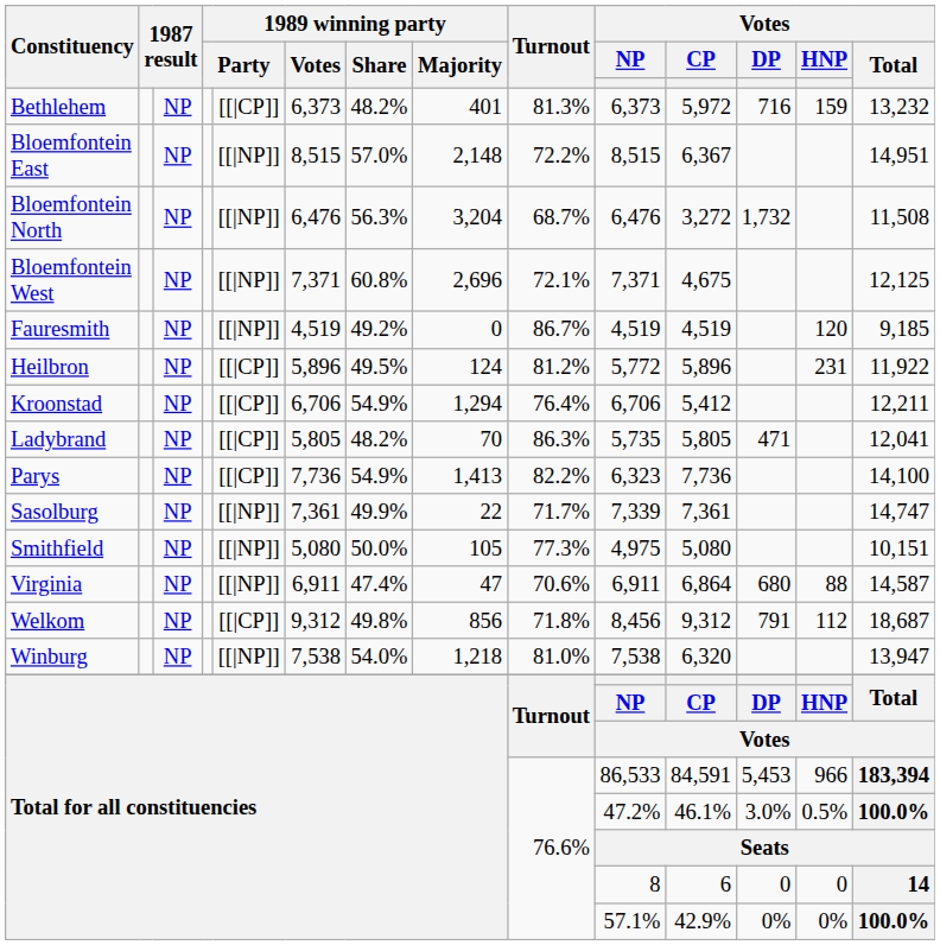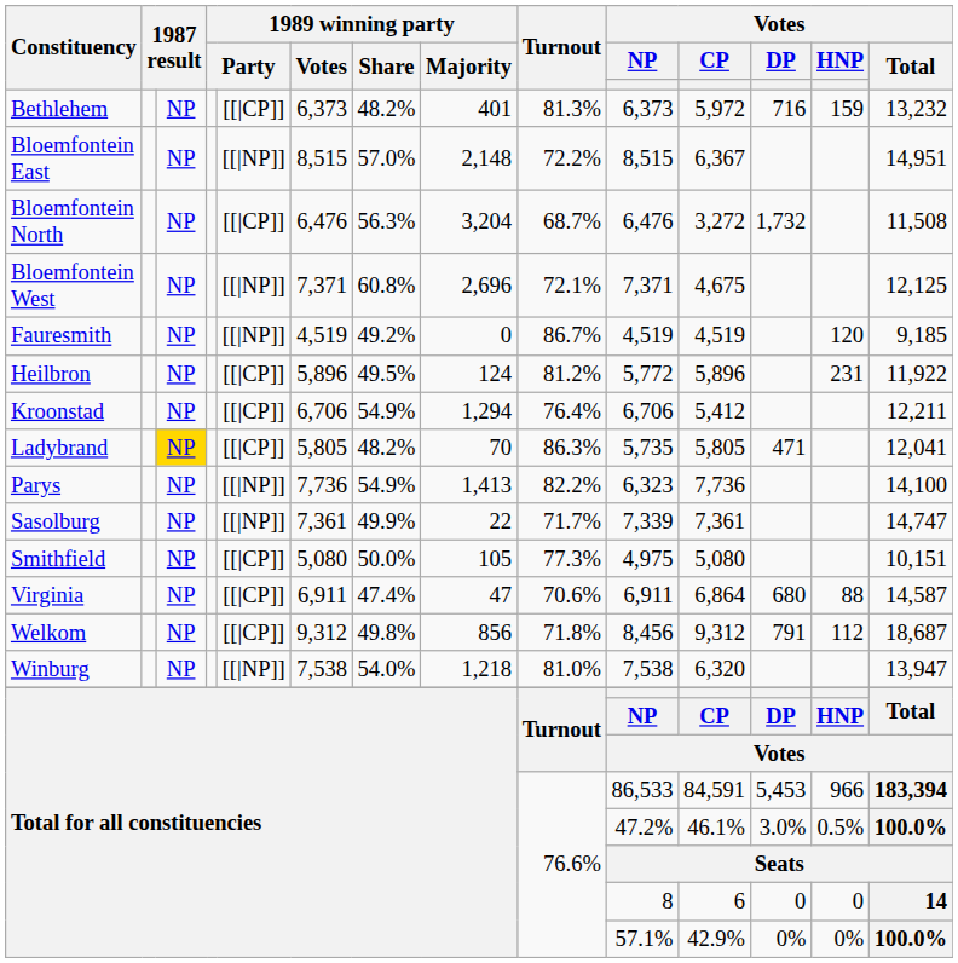 <table class="wikitable sortable" style="text-align:right; font-size:95%">
 <tr>
 <th rowspan="3" scope="col" style="text-align:left;">Constituency</th>
 <th colspan="2" rowspan="3" scope="col">1987<br>result</th>
 <th colspan="5">1989 winning party</th>
 <th rowspan="3" scope="col">Turnout</th>
 <th colspan="5" scope="col">Votes</th>
 </tr>
 <tr>
 <th colspan="2" rowspan="2">Party</th>
 <th rowspan="2" scope="col">Votes</th>
 <th rowspan="2" scope="col">Share</th>
 <th rowspan="2" scope="col">Majority</th>
 <th scope="col"><a href='#'>NP</a></th>
 <th scope="col"><a href='#'>CP</a></th>
 <th scope="col"><a href='#'>DP</a></th>
 <th scope="col"><a href='#'>HNP</a></th>
 <th rowspan="2" scope="col">Total</th>
 </tr>
 <tr>
 <th scope="col" style="background:"></th>
 <th scope="col" style="background:"></th>
 <th scope="col" style="background:"></th>
 <th scope="col" style="background:"></th>
 </tr>
 <tr>
 <td style="text-align:left;"><a href='#'>Bethlehem</a></td>
 <td style="background:"></td>
 <td style="text-align:center;"><a href='#'>NP</a></td>
 <td style="background:"></td>
 <td style="text-align:center;">[[|CP]]</td>
 <td>6,373</td>
 <td>48.2%</td>
 <td>401</td>
 <td>81.3%</td>
 <td>6,373</td>
 <td>5,972</td>
 <td>716</td>
 <td>159</td>
 <td>13,232</td>
 </tr>
 <tr>
 <td style="text-align:left;"><a href='#'>Bloemfontein East</a></td>
 <td style="background:"></td>
 <td style="text-align:center;"><a href='#'>NP</a></td>
 <td style="background:"></td>
 <td style="text-align:center;">[[|NP]]</td>
 <td>8,515</td>
 <td>57.0%</td>
 <td>2,148</td>
 <td>72.2%</td>
 <td>8,515</td>
 <td>6,367</td>
 <td></td>
 <td></td>
 <td>14,951</td>
 </tr>
 <tr>
 <td style="text-align:left;"><a href='#'>Bloemfontein North</a></td>
 <td style="background:"></td>
 <td style="text-align:center;"><a href='#'>NP</a></td>
 <td style="background:"></td>
-<td style="text-align:center;">[[|NP]]</td>
+<td style="text-align:center;">[[|CP]]</td>
 <td>6,476</td>
 <td>56.3%</td>
 <td>3,204</td>
 <td>68.7%</td>
 <td>6,476</td>
 <td>3,272</td>
 <td>1,732</td>
 <td></td>
 <td>11,508</td>
 </tr>
 <tr>
 <td style="text-align:left;"><a href='#'>Bloemfontein West</a></td>
 <td style="background:"></td>
 <td style="text-align:center;"><a href='#'>NP</a></td>
 <td style="background:"></td>
 <td style="text-align:center;">[[|NP]]</td>
 <td>7,371</td>
 <td>60.8%</td>
 <td>2,696</td>
 <td>72.1%</td>
 <td>7,371</td>
 <td>4,675</td>
 <td></td>
 <td></td>
 <td>12,125</td>
 </tr>
 <tr>
 <td style="text-align:left;"><a href='#'>Fauresmith</a></td>
 <td style="background:"></td>
 <td style="text-align:center;"><a href='#'>NP</a></td>
 <td style="background:"></td>
 <td style="text-align:center;">[[|NP]]</td>
 <td>4,519</td>
 <td>49.2%</td>
 <td>0</td>
 <td>86.7%</td>
 <td>4,519</td>
 <td>4,519</td>
 <td></td>
 <td>120</td>
 <td>9,185</td>
 </tr>
 <tr>
 <td style="text-align:left;"><a href='#'>Heilbron</a></td>
 <td style="background:"></td>
 <td style="text-align:center;"><a href='#'>NP</a></td>
 <td style="background:"></td>
 <td style="text-align:center;">[[|CP]]</td>
 <td>5,896</td>
 <td>49.5%</td>
 <td>124</td>
 <td>81.2%</td>
 <td>5,772</td>
 <td>5,896</td>
 <td></td>
 <td>231</td>
 <td>11,922</td>
 </tr>
 <tr>
 <td style="text-align:left;"><a href='#'>Kroonstad</a></td>
 <td style="background:"></td>
 <td style="text-align:center;"><a href='#'>NP</a></td>
 <td style="background:"></td>
 <td style="text-align:center;">[[|CP]]</td>
 <td>6,706</td>
 <td>54.9%</td>
 <td>1,294</td>
 <td>76.4%</td>
 <td>6,706</td>
 <td>5,412</td>
 <td></td>
 <td></td>
 <td>12,211</td>
 </tr>
 <tr>
 <td style="text-align:left;"><a href='#'>Ladybrand</a></td>
 <td style="background:"></td>
-<td style="text-align:center;"><a href='#'>NP</a></td>
+<td style="background: gold; text-align:center;"><a href='#'>NP</a></td>
 <td style="background:"></td>
 <td style="text-align:center;">[[|CP]]</td>
 <td>5,805</td>
 <td>48.2%</td>
 <td>70</td>
 <td>86.3%</td>
 <td>5,735</td>
 <td>5,805</td>
 <td>471</td>
 <td></td>
 <td>12,041</td>
 </tr>
 <tr>
 <td style="text-align:left;"><a href='#'>Parys</a></td>
 <td style="background:"></td>
 <td style="text-align:center;"><a href='#'>NP</a></td>
 <td style="background:"></td>
-<td style="text-align:center;">[[|CP]]</td>
+<td style="text-align:center;">[[|NP]]</td>
 <td>7,736</td>
 <td>54.9%</td>
 <td>1,413</td>
 <td>82.2%</td>
 <td>6,323</td>
 <td>7,736</td>
 <td></td>
 <td></td>
 <td>14,100</td>
 </tr>
 <tr>
 <td style="text-align:left;"><a href='#'>Sasolburg</a></td>
 <td style="background:"></td>
 <td style="text-align:center;"><a href='#'>NP</a></td>
 <td style="background:"></td>
 <td style="text-align:center;">[[|NP]]</td>
 <td>7,361</td>
 <td>49.9%</td>
 <td>22</td>
 <td>71.7%</td>
 <td>7,339</td>
 <td>7,361</td>
 <td></td>
 <td></td>
 <td>14,747</td>
 </tr>
 <tr>
 <td style="text-align:left;"><a href='#'>Smithfield</a></td>
 <td style="background:"></td>
 <td style="text-align:center;"><a href='#'>NP</a></td>
 <td style="background:"></td>
-<td style="text-align:center;">[[|NP]]</td>
+<td style="text-align:center;">[[|CP]]</td>
 <td>5,080</td>
 <td>50.0%</td>
 <td>105</td>
 <td>77.3%</td>
 <td>4,975</td>
 <td>5,080</td>
 <td></td>
 <td></td>
 <td>10,151</td>
 </tr>
 <tr>
 <td style="text-align:left;"><a href='#'>Virginia</a></td>
 <td style="background:"></td>
 <td style="text-align:center;"><a href='#'>NP</a></td>
 <td style="background:"></td>
-<td style="text-align:center;">[[|NP]]</td>
+<td style="text-align:center;">[[|CP]]</td>
 <td>6,911</td>
 <td>47.4%</td>
 <td>47</td>
 <td>70.6%</td>
 <td>6,911</td>
 <td>6,864</td>
 <td>680</td>
 <td>88</td>
 <td>14,587</td>
 </tr>
 <tr>
 <td style="text-align:left;"><a href='#'>Welkom</a></td>
 <td style="background:"></td>
 <td style="text-align:center;"><a href='#'>NP</a></td>
 <td style="background:"></td>
 <td style="text-align:center;">[[|CP]]</td>
 <td>9,312</td>
 <td>49.8%</td>
 <td>856</td>
 <td>71.8%</td>
 <td>8,456</td>
 <td>9,312</td>
 <td>791</td>
 <td>112</td>
 <td>18,687</td>
 </tr>
 <tr>
 <td style="text-align:left;"><a href='#'>Winburg</a></td>
 <td style="background:"></td>
 <td style="text-align:center;"><a href='#'>NP</a></td>
 <td style="background:"></td>
 <td style="text-align:center;">[[|NP]]</td>
 <td>7,538</td>
 <td>54.0%</td>
 <td>1,218</td>
 <td>81.0%</td>
 <td>7,538</td>
 <td>6,320</td>
 <td></td>
 <td></td>
 <td>13,947</td>
 </tr>
 <tr>
 </tr>
 <tr class="sortbottom">
 <th colspan="8" rowspan="8" scope="col" style="text-align:left;">Total for all constituencies</th>
 <th rowspan="3" scope="col">Turnout</th>
 <th scope="col" style="background:"></th>
 <th scope="col" style="background:"></th>
 <th scope="col" style="background:"></th>
 <th scope="col" style="background:"></th>
 <th rowspan="2" scope="col">Total</th>
 </tr>
 <tr class="sortbottom">
 <th scope="col"><a href='#'>NP</a></th>
 <th scope="col"><a href='#'>CP</a></th>
 <th scope="col"><a href='#'>DP</a></th>
 <th scope="col"><a href='#'>HNP</a></th>
 </tr>
 <tr class="sortbottom">
 <th colspan="5" scope="col">Votes</th>
 </tr>
 <tr class="sortbottom">
 <td rowspan="5" style="text-align:right;">76.6%</td>
 <td>86,533</td>
 <td>84,591</td>
 <td>5,453</td>
 <td>966</td>
 <th scope="col" style="text-align:right;">183,394</th>
 </tr>
 <tr class="sortbottom">
 <td>47.2%</td>
 <td>46.1%</td>
 <td>3.0%</td>
 <td>0.5%</td>
 <th scope="col" style="text-align:right;">100.0%</th>
 </tr>
 <tr class="sortbottom">
 <th colspan="5">Seats</th>
 </tr>
 <tr class="sortbottom">
 <td>8</td>
 <td>6</td>
 <td>0</td>
 <td>0</td>
 <th scope="col" style="text-align:right;">14</th>
 </tr>
 <tr class="sortbottom">
 <td>57.1%</td>
 <td>42.9%</td>
 <td>0%</td>
 <td>0%</td>
 <th scope="col" style="text-align:right;">100.0%</th>
 </tr>
 </table>
